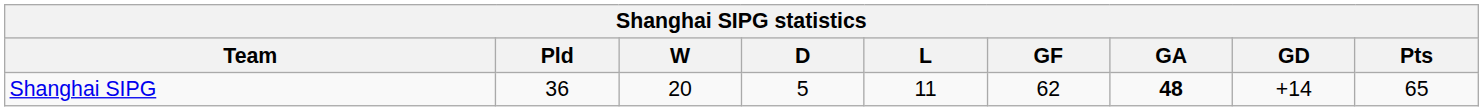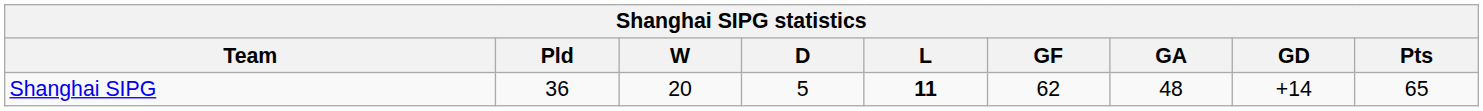 <table width=70% class="wikitable" style="text-align:">
 <tr>
 <th colspan=9>Shanghai SIPG statistics</th>
 </tr>
 <tr>
 <th width=20%>Team</th>
 <th width=5%>Pld</th>
 <th width=5%>W</th>
 <th width=5%>D</th>
 <th width=5%>L</th>
 <th width=5%>GF</th>
 <th width=5%>GA</th>
 <th width=5%>GD</th>
 <th width=5%>Pts</th>
 </tr>
 <tr align=center>
 <td align=left> <a href='#'>Shanghai SIPG</a></td>
 <td>36</td>
 <td>20</td>
 <td>5</td>
-<td>11</td>
+<td><strong>11</strong></td>
 <td>62</td>
-<td><strong>48</strong></td>
+<td>48</td>
 <td>+14</td>
 <td>65</td>
 </tr>
 </table>
